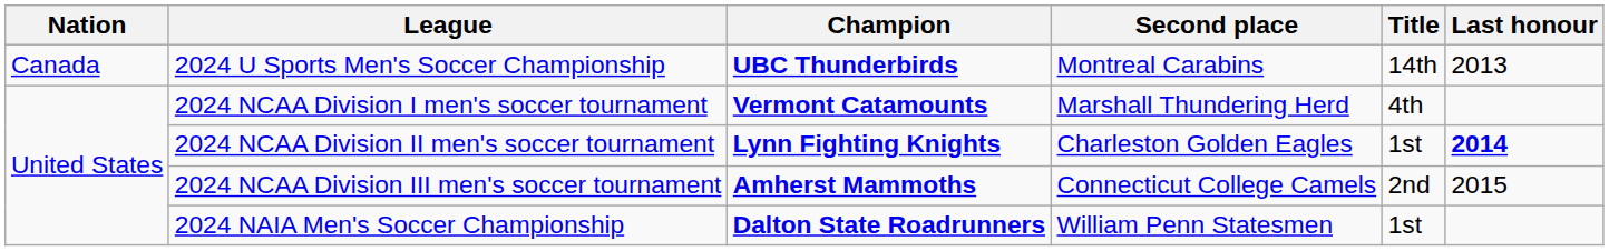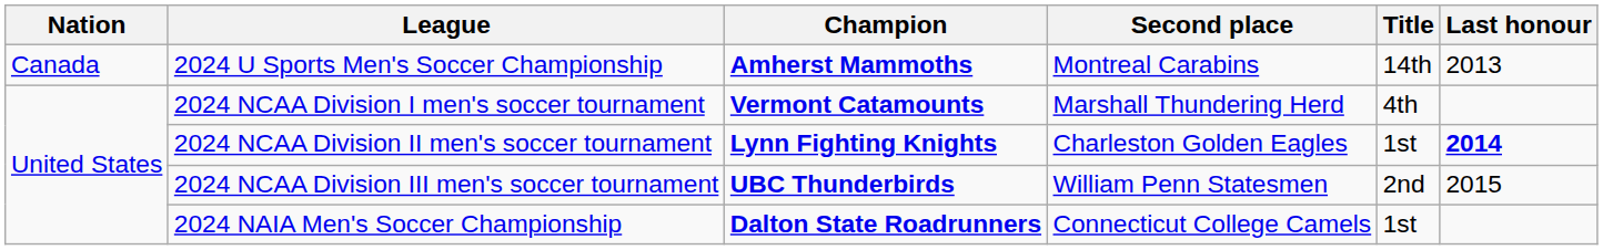 <table class="wikitable sortable">
 <tr>
 <th>Nation</th>
 <th>League</th>
 <th>Champion</th>
 <th>Second place</th>
 <th data-sort-type="number">Title</th>
 <th>Last honour</th>
 </tr>
 <tr>
 <td> <a href='#'>Canada</a></td>
 <td><a href='#'>2024 U Sports Men's Soccer Championship</a></td>
-<td><strong><a href='#'>UBC Thunderbirds</a></strong></td>
+<td><strong><a href='#'>Amherst Mammoths</a></strong></td>
 <td><a href='#'>Montreal Carabins</a></td>
 <td>14th</td>
 <td>2013</td>
 </tr>
 <tr>
 <td rowspan=4> <a href='#'>United States</a></td>
 <td><a href='#'>2024 NCAA Division I men's soccer tournament</a></td>
 <td><strong><a href='#'>Vermont Catamounts</a></strong></td>
 <td><a href='#'>Marshall Thundering Herd</a></td>
 <td>4th</td>
 <td></td>
 </tr>
 <tr>
 <td><a href='#'>2024 NCAA Division II men's soccer tournament</a></td>
 <td><strong><a href='#'>Lynn Fighting Knights</a></strong></td>
 <td><a href='#'>Charleston Golden Eagles</a></td>
 <td>1st</td>
 <td><strong><a href='#'>2014</a></strong></td>
 </tr>
 <tr>
 <td><a href='#'>2024 NCAA Division III men's soccer tournament</a></td>
-<td><strong><a href='#'>Amherst Mammoths</a></strong></td>
-<td><a href='#'>Connecticut College Camels</a></td>
+<td><strong><a href='#'>UBC Thunderbirds</a></strong></td>
+<td><a href='#'>William Penn Statesmen</a></td>
 <td>2nd</td>
 <td>2015</td>
 </tr>
 <tr>
 <td><a href='#'>2024 NAIA Men's Soccer Championship</a></td>
 <td><strong><a href='#'>Dalton State Roadrunners</a></strong></td>
-<td><a href='#'>William Penn Statesmen</a></td>
+<td><a href='#'>Connecticut College Camels</a></td>
 <td>1st</td>
 <td></td>
 </tr>
 </table>
